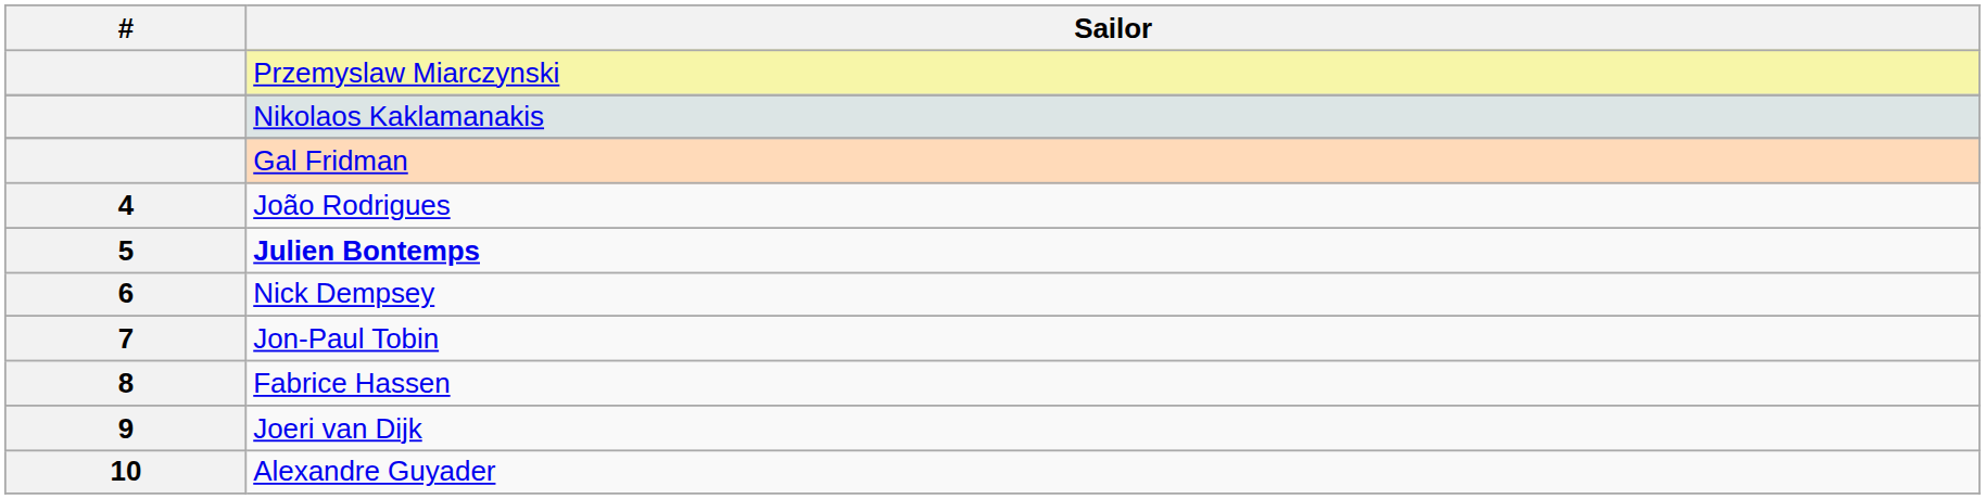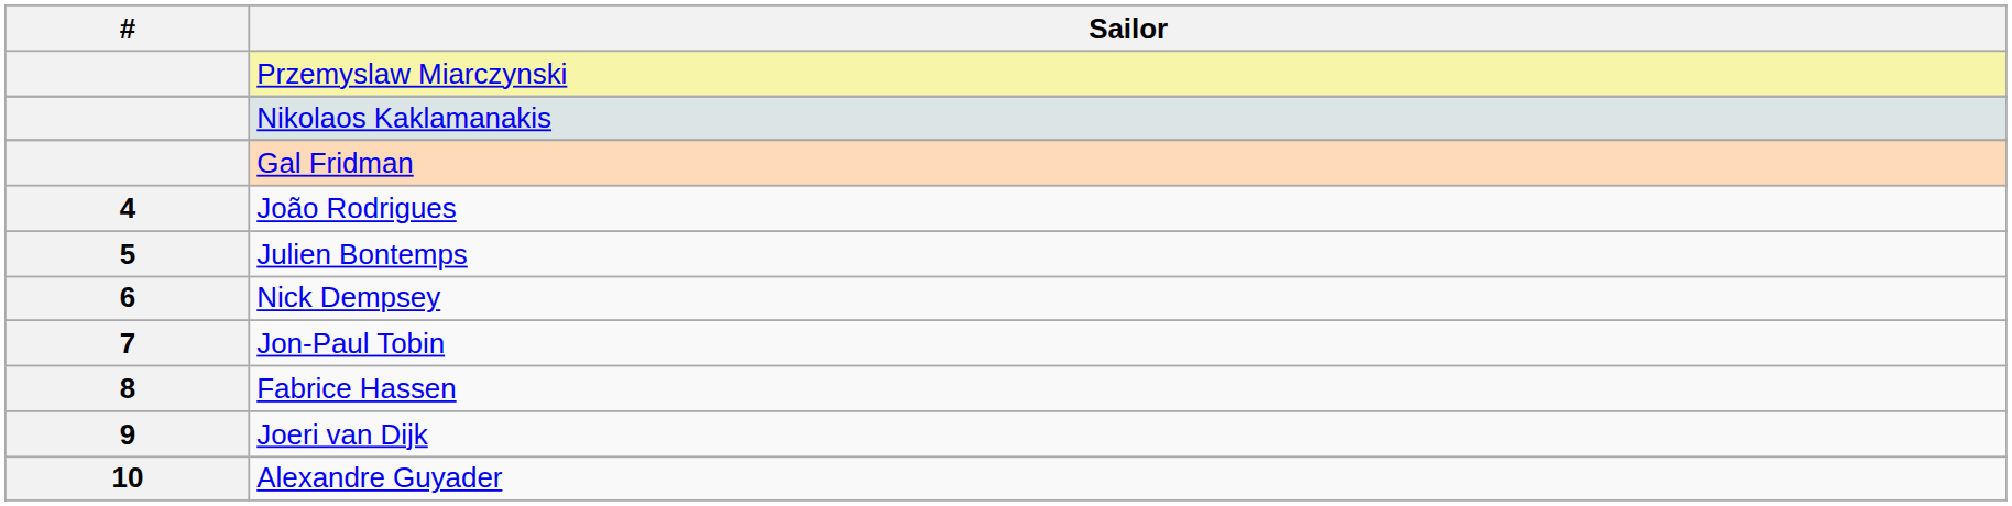 <table class="wikitable" width=80% style="font-size:90%; text-align:left;">
 <tr>
 <th>#</th>
 <th>Sailor</th>
 </tr>
 <tr>
 <th></th>
 <td align=left bgcolor=#F7F6A8> <a href='#'>Przemyslaw Miarczynski</a></td>
 </tr>
 <tr>
 </tr>
 <tr>
 <th></th>
 <td align=left bgcolor=#DCE5E5> <a href='#'>Nikolaos Kaklamanakis</a></td>
 </tr>
 <tr>
 </tr>
 <tr>
 <th></th>
 <td align=left bgcolor=#FFDAB9> <a href='#'>Gal Fridman</a></td>
 </tr>
 <tr>
 <th>4</th>
 <td> <a href='#'>João Rodrigues</a></td>
 </tr>
 <tr>
 <th>5</th>
-<td><strong> <a href='#'>Julien Bontemps</a></strong></td>
+<td> <a href='#'>Julien Bontemps</a></td>
 </tr>
 <tr>
 <th>6</th>
 <td> <a href='#'>Nick Dempsey</a></td>
 </tr>
 <tr>
 <th>7</th>
 <td> <a href='#'>Jon-Paul Tobin</a></td>
 </tr>
 <tr>
 <th>8</th>
 <td> <a href='#'>Fabrice Hassen</a></td>
 </tr>
 <tr>
 <th>9</th>
 <td> <a href='#'>Joeri van Dijk</a></td>
 </tr>
 <tr>
 <th>10</th>
 <td> <a href='#'>Alexandre Guyader</a></td>
 </tr>
 </table>
